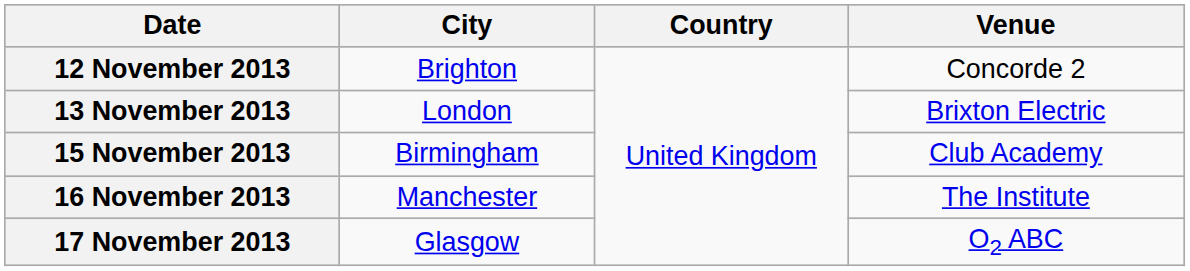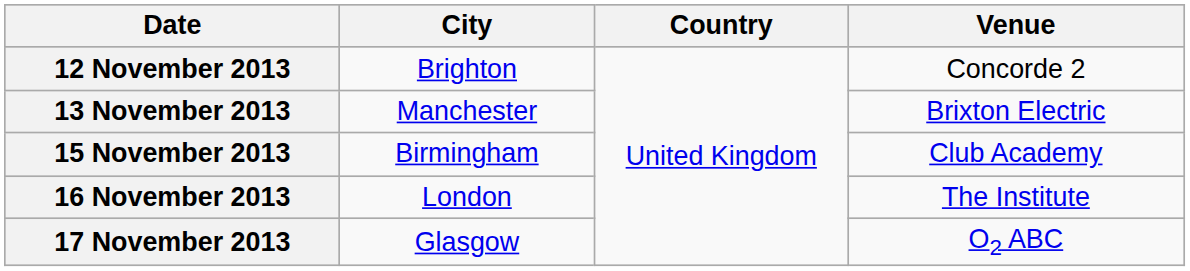 <table class="wikitable sortable plainrowheaders" style="text-align:center;">
 <tr>
 <th scope="col" style="width:12em;">Date</th>
 <th scope="col" style="width:9em;">City</th>
 <th scope="col" style="width:9em;">Country</th>
 <th scope="col" style="width:12em;">Venue</th>
 </tr>
 <tr>
 <th scope="row">12 November 2013</th>
 <td><a href='#'>Brighton</a></td>
 <td rowspan="5"><a href='#'>United Kingdom</a></td>
 <td>Concorde 2</td>
 </tr>
 <tr>
 <th scope="row">13 November 2013</th>
-<td><a href='#'>London</a></td>
+<td><a href='#'>Manchester</a></td>
 <td><a href='#'>Brixton Electric</a></td>
 </tr>
 <tr>
 <th scope="row">15 November 2013</th>
 <td><a href='#'>Birmingham</a></td>
 <td><a href='#'>Club Academy</a></td>
 </tr>
 <tr>
 <th scope="row">16 November 2013</th>
-<td><a href='#'>Manchester</a></td>
+<td><a href='#'>London</a></td>
 <td><a href='#'>The Institute</a></td>
 </tr>
 <tr>
 <th scope="row">17 November 2013</th>
 <td><a href='#'>Glasgow</a></td>
 <td><a href='#'>O<sub>2</sub> ABC</a></td>
 </tr>
 </table>
